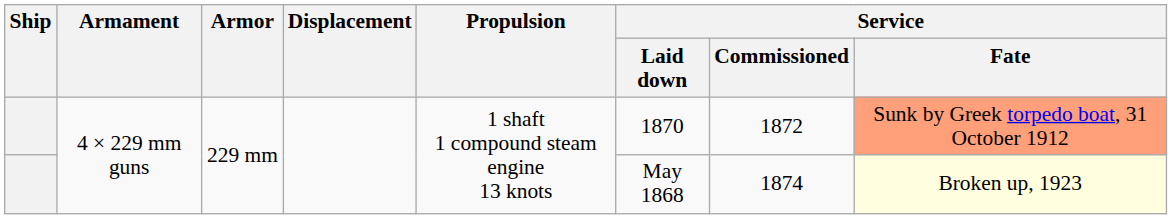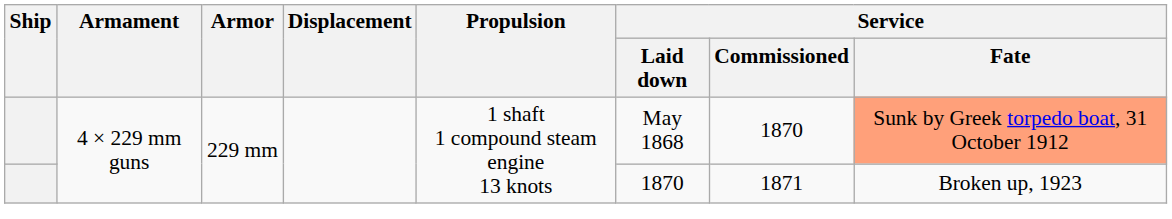 <table class="wikitable plainrowheaders" style="text-align: center;">
 <tr valign="top">
 <th scope="col" rowspan="2">Ship</th>
 <th scope="col" rowspan="2">Armament</th>
 <th scope="col" rowspan="2">Armor</th>
 <th scope="col" rowspan="2">Displacement</th>
 <th scope="col" rowspan="2">Propulsion</th>
 <th scope="col" colspan="3">Service</th>
 </tr>
 <tr valign="top">
 <th scope="col">Laid down</th>
 <th scope="col">Commissioned</th>
 <th scope="col">Fate</th>
 </tr>
 <tr valign="center">
 <th scope="row"></th>
 <td rowspan="2">4 × 229 mm guns</td>
 <td rowspan="2">229 mm</td>
 <td rowspan="2"></td>
 <td rowspan="2">1 shaft<br>1 compound steam engine<br>13 knots</td>
+<td>May 1868</td>
 <td>1870</td>
-<td>1872</td>
 <td style="background: lightsalmon;">Sunk by Greek <a href='#'>torpedo boat</a>, 31 October 1912</td>
 </tr>
 <tr valign="center">
 <th scope="row"></th>
-<td>May 1868</td>
-<td>1874</td>
-<td style="background: lightyellow;">Broken up, 1923</td>
+<td>1870</td>
+<td>1871</td>
+<td>Broken up, 1923</td>
 </tr>
 </table>
